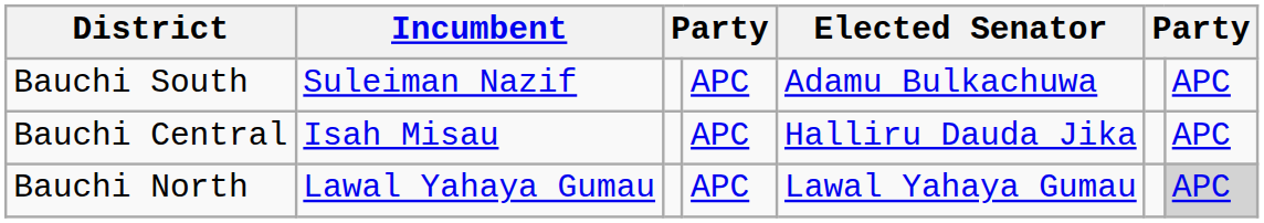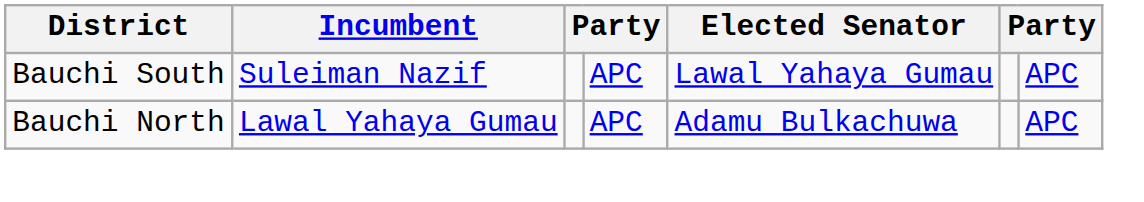 <table class="sortable wikitable" style="font-size:95%;line-height:14px;">
 <tr>
 <th class="unsortable">District</th>
 <th class="unsortable"><a href='#'>Incumbent</a></th>
 <th colspan="2">Party</th>
 <th class="unsortable">Elected Senator</th>
 <th colspan="2">Party</th>
 </tr>
 <tr>
 <td>Bauchi South</td>
 <td><a href='#'>Suleiman Nazif</a></td>
 <td style="background:"></td>
 <td><a href='#'>APC</a></td>
-<td><a href='#'>Adamu Bulkachuwa</a></td>
-<td style="background:"></td>
-<td><a href='#'>APC</a></td>
-</tr>
-<tr>
-<td>Bauchi Central</td>
-<td><a href='#'>Isah Misau</a></td>
-<td style="background:"></td>
-<td><a href='#'>APC</a></td>
-<td><a href='#'>Halliru Dauda Jika</a></td>
+<td><a href='#'>Lawal Yahaya Gumau</a></td>
 <td style="background:"></td>
 <td><a href='#'>APC</a></td>
 </tr>
 <tr>
 <td>Bauchi North</td>
 <td><a href='#'>Lawal Yahaya Gumau</a></td>
 <td style="background:"></td>
 <td><a href='#'>APC</a></td>
-<td><a href='#'>Lawal Yahaya Gumau</a></td>
+<td><a href='#'>Adamu Bulkachuwa</a></td>
 <td style="background:"></td>
-<td style="background: lightgrey;"><a href='#'>APC</a></td>
+<td><a href='#'>APC</a></td>
 </tr>
 </table>
